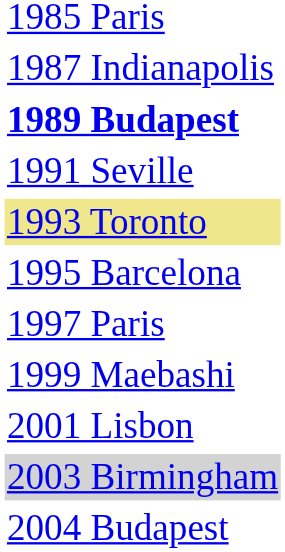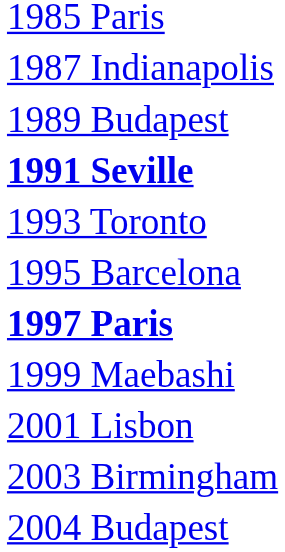 <table>
 <tr>
 <td><a href='#'>1985 Paris</a></td>
 <td></td>
 <td></td>
 <td></td>
 </tr>
 <tr>
 <td><a href='#'>1987 Indianapolis</a><br></td>
 <td></td>
 <td></td>
 <td></td>
 </tr>
 <tr>
-<td><strong><a href='#'>1989 Budapest</a><br></strong></td>
+<td><a href='#'>1989 Budapest</a><br></td>
 <td></td>
 <td></td>
 <td></td>
 </tr>
 <tr>
-<td><a href='#'>1991 Seville</a><br></td>
+<td><strong><a href='#'>1991 Seville</a><br></strong></td>
 <td></td>
 <td></td>
 <td></td>
 </tr>
 <tr>
-<td style="background: khaki;"><a href='#'>1993 Toronto</a><br></td>
+<td><a href='#'>1993 Toronto</a><br></td>
 <td></td>
 <td></td>
 <td></td>
 </tr>
 <tr>
 <td><a href='#'>1995 Barcelona</a><br></td>
 <td></td>
 <td></td>
 <td></td>
 </tr>
 <tr>
-<td><a href='#'>1997 Paris</a><br></td>
+<td><strong><a href='#'>1997 Paris</a><br></strong></td>
 <td></td>
 <td></td>
 <td></td>
 </tr>
 <tr>
 <td><a href='#'>1999 Maebashi</a><br></td>
 <td></td>
 <td></td>
 <td></td>
 </tr>
 <tr>
 <td><a href='#'>2001 Lisbon</a><br></td>
 <td></td>
 <td></td>
 <td></td>
 </tr>
 <tr>
-<td style="background: lightgrey;"><a href='#'>2003 Birmingham</a><br></td>
+<td><a href='#'>2003 Birmingham</a><br></td>
 <td></td>
 <td></td>
 <td></td>
 </tr>
 <tr>
 <td><a href='#'>2004 Budapest</a><br></td>
 <td></td>
 <td></td>
 <td></td>
 </tr>
 </table>
